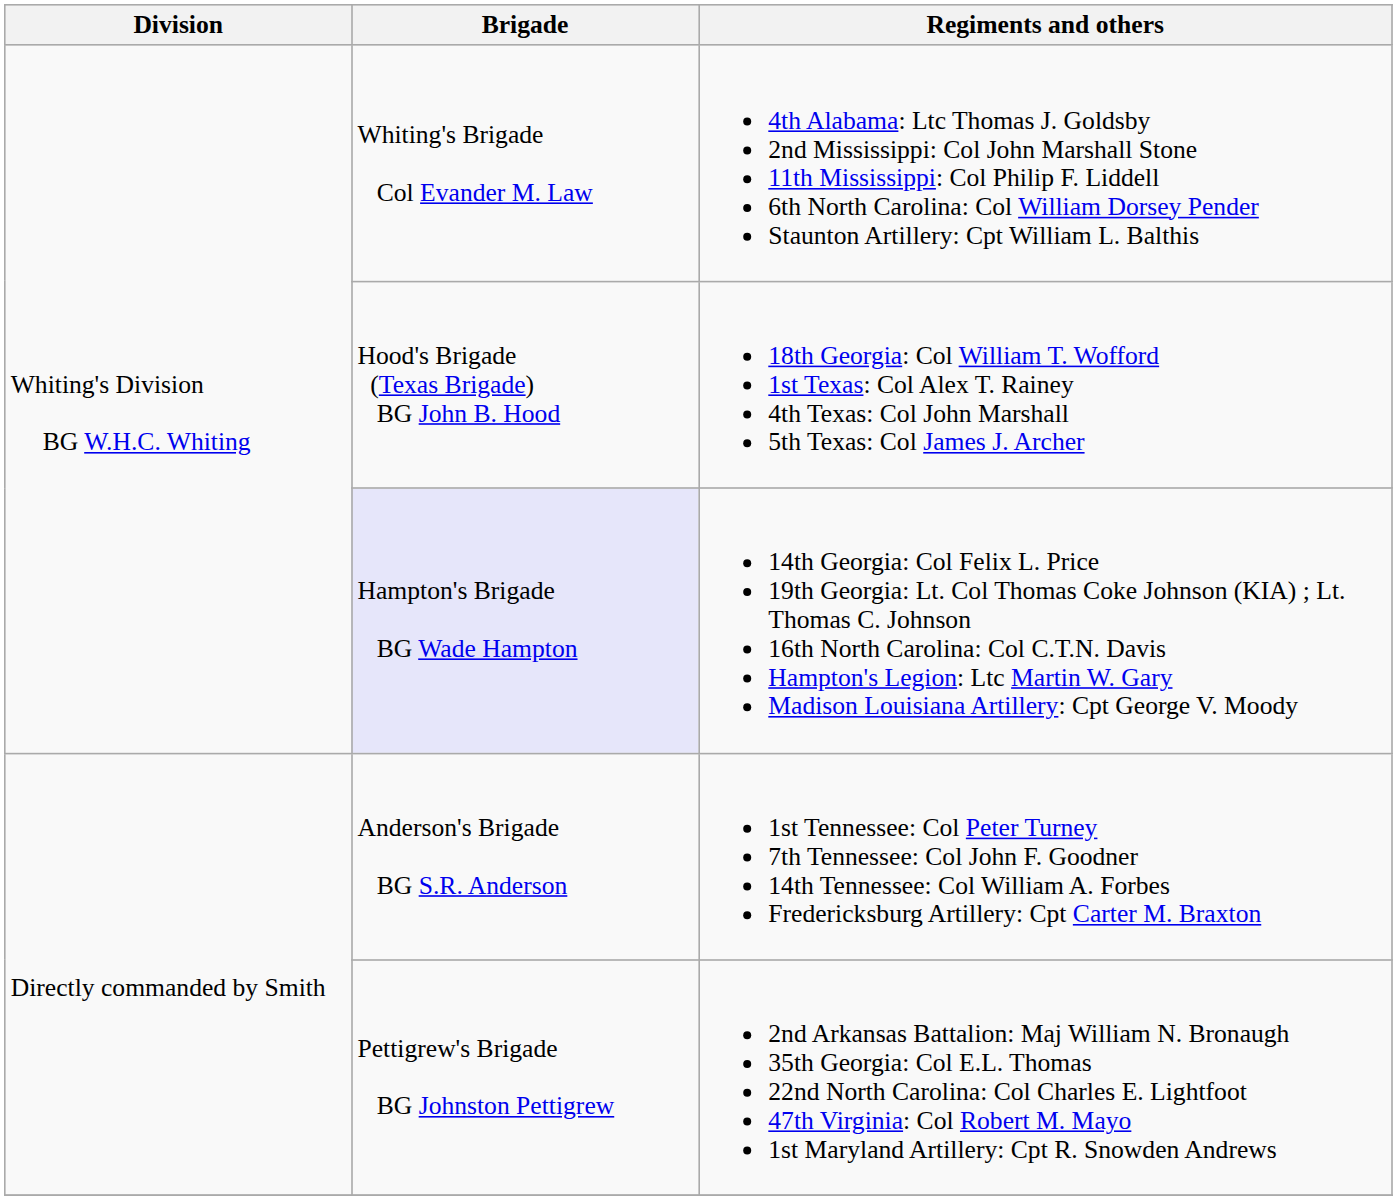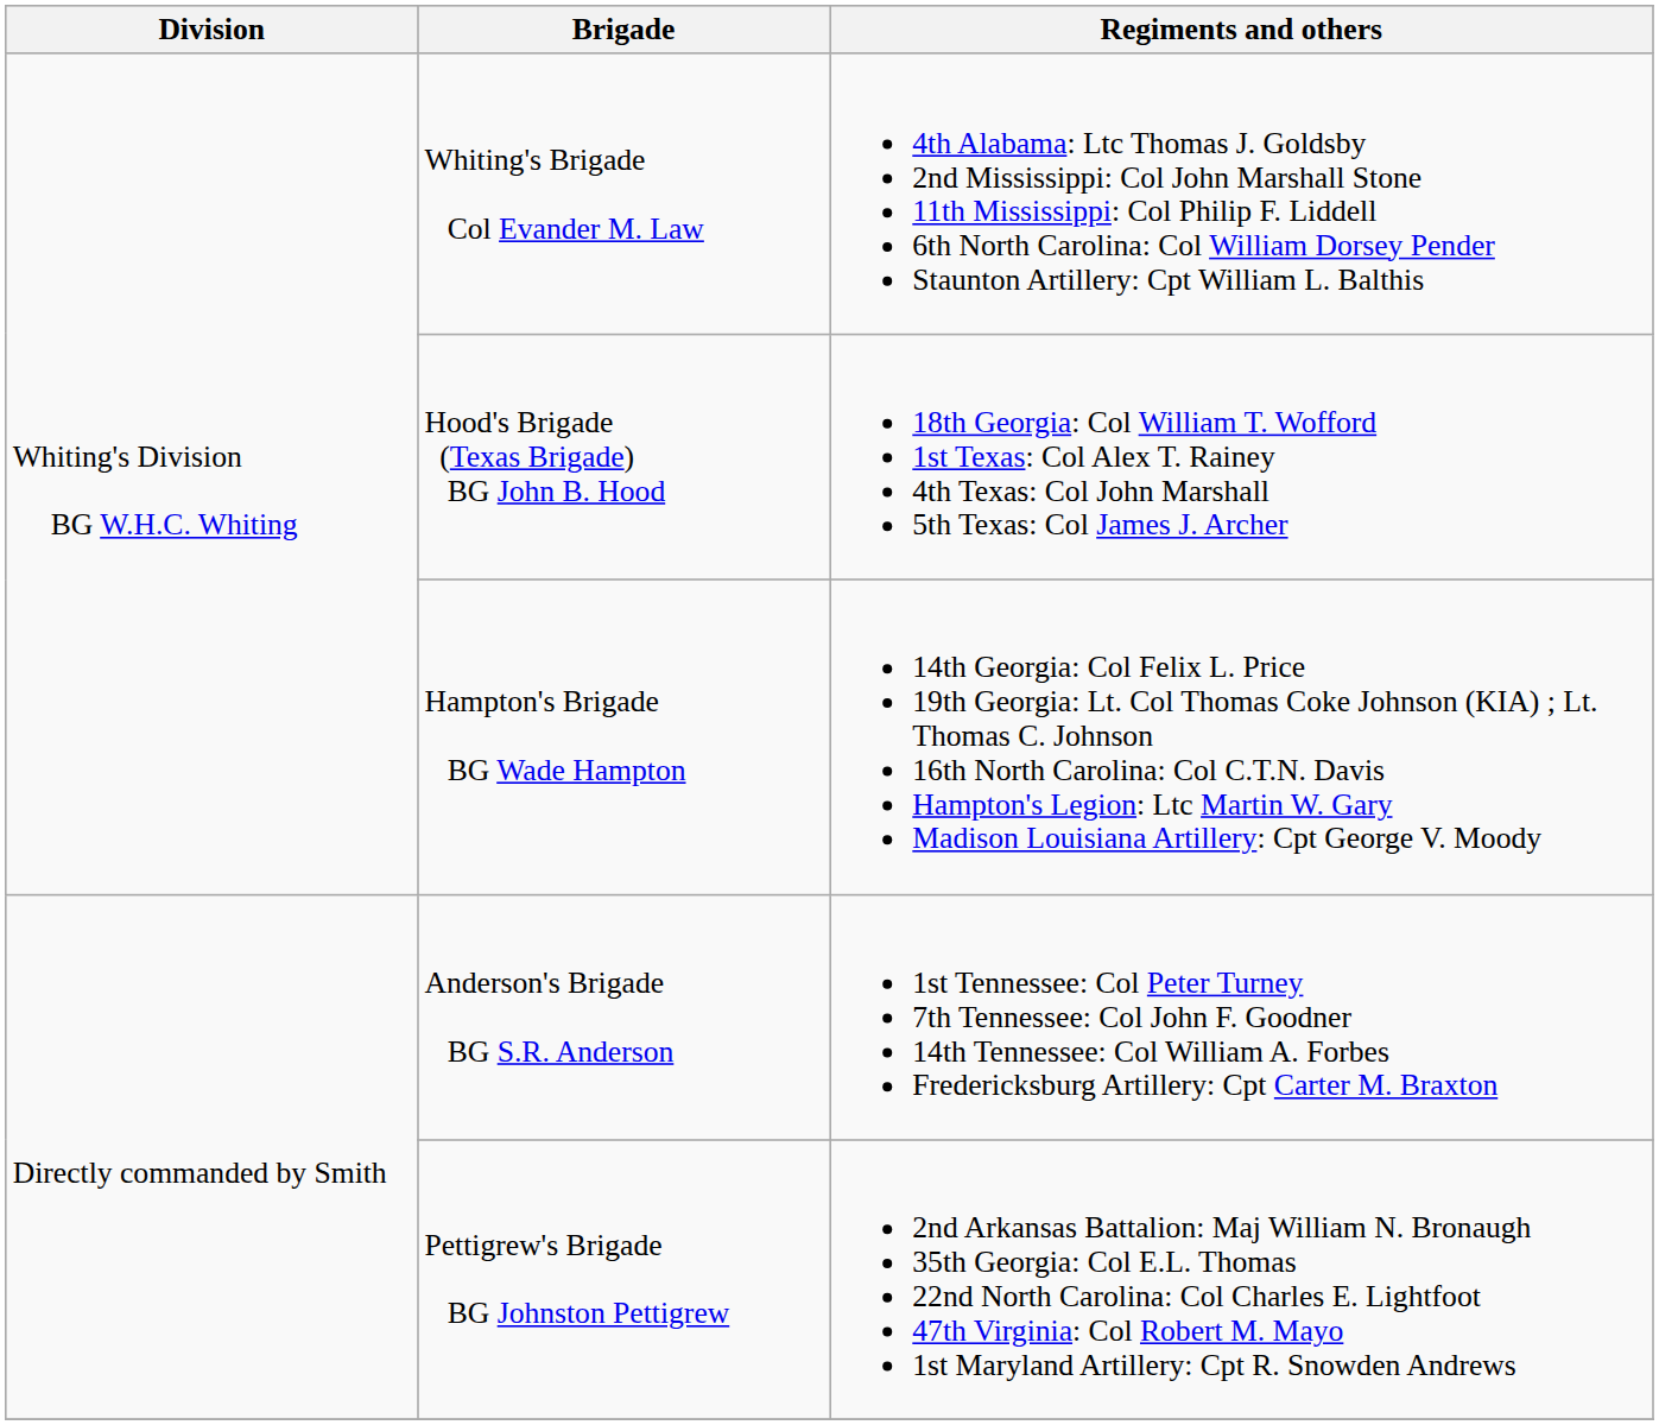 <table class="wikitable">
 <tr>
 <th width=25%>Division</th>
 <th width=25%>Brigade</th>
 <th>Regiments and others</th>
 </tr>
 <tr>
 <td rowspan=3><br>Whiting's Division<br><br>     BG <a href='#'>W.H.C. Whiting</a></td>
 <td>Whiting's Brigade<br><br>   Col <a href='#'>Evander M. Law</a></td>
 <td><br><ul><li><a href='#'>4th Alabama</a>: Ltc Thomas J. Goldsby</li><li>2nd Mississippi: Col John Marshall Stone</li><li><a href='#'>11th Mississippi</a>: Col Philip F. Liddell</li><li>6th North Carolina: Col <a href='#'>William Dorsey Pender</a></li><li>Staunton Artillery: Cpt William L. Balthis</li></ul></td>
 </tr>
 <tr>
 <td>Hood's Brigade<br>  (<a href='#'>Texas Brigade</a>)<br>   BG <a href='#'>John B. Hood</a></td>
 <td><br><ul><li><a href='#'>18th Georgia</a>: Col <a href='#'>William T. Wofford</a></li><li><a href='#'>1st Texas</a>: Col Alex T. Rainey</li><li>4th Texas: Col John Marshall</li><li>5th Texas: Col <a href='#'>James J. Archer</a></li></ul></td>
 </tr>
 <tr>
-<td style="background: lavender;">Hampton's Brigade<br><br>   BG <a href='#'>Wade Hampton</a></td>
+<td>Hampton's Brigade<br><br>   BG <a href='#'>Wade Hampton</a></td>
 <td><br><ul><li>14th Georgia: Col Felix L. Price</li><li>19th Georgia: Lt. Col Thomas Coke Johnson (KIA) ; Lt. Thomas C. Johnson</li><li>16th North Carolina: Col C.T.N. Davis</li><li><a href='#'>Hampton's Legion</a>: Ltc <a href='#'>Martin W. Gary</a></li><li><a href='#'>Madison Louisiana Artillery</a>: Cpt George V. Moody</li></ul></td>
 </tr>
 <tr>
 <td rowspan=2><br>Directly commanded by Smith</td>
 <td>Anderson's Brigade<br><br>   BG <a href='#'>S.R. Anderson</a></td>
 <td><br><ul><li>1st Tennessee: Col <a href='#'>Peter Turney</a></li><li>7th Tennessee: Col John F. Goodner</li><li>14th Tennessee: Col William A. Forbes</li><li>Fredericksburg Artillery: Cpt <a href='#'>Carter M. Braxton</a></li></ul></td>
 </tr>
 <tr>
 <td>Pettigrew's Brigade<br><br>   BG <a href='#'>Johnston Pettigrew</a></td>
 <td><br><ul><li>2nd Arkansas Battalion: Maj William N. Bronaugh</li><li>35th Georgia: Col E.L. Thomas</li><li>22nd North Carolina: Col Charles E. Lightfoot</li><li><a href='#'>47th Virginia</a>: Col <a href='#'>Robert M. Mayo</a></li><li>1st Maryland Artillery: Cpt R. Snowden Andrews</li></ul></td>
 </tr>
 <tr>
 </tr>
 </table>
